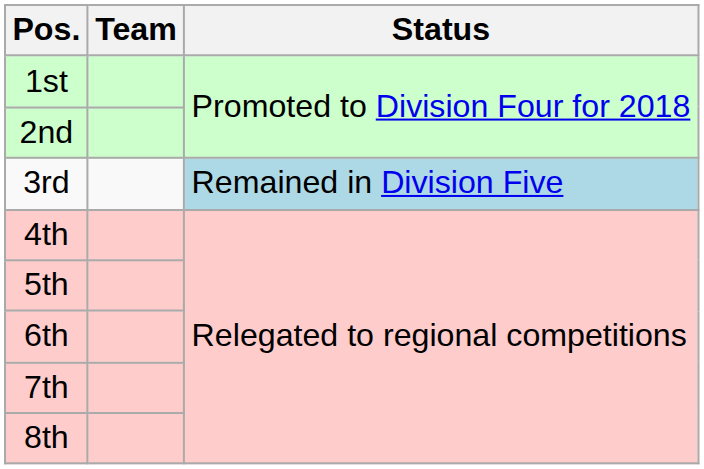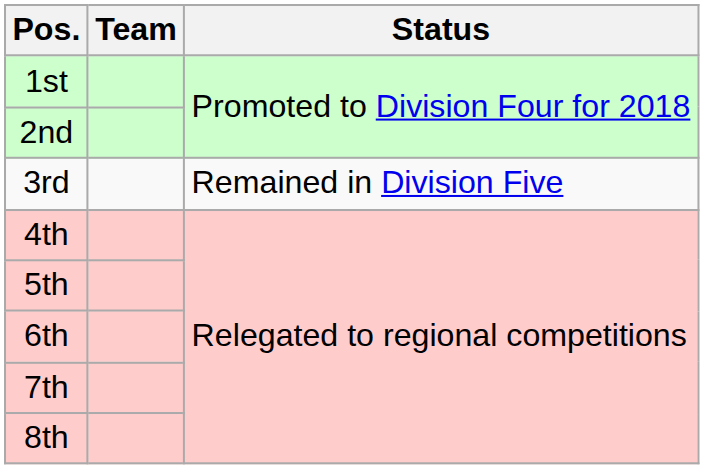 <table class="wikitable">
 <tr>
 <th>Pos.</th>
 <th>Team</th>
 <th>Status</th>
 </tr>
 <tr style="background:#cfc">
 <td align="center">1st</td>
 <td></td>
 <td rowspan=2>Promoted to <a href='#'>Division Four for 2018</a></td>
 </tr>
 <tr style="background:#cfc">
 <td align="center">2nd</td>
 <td></td>
 </tr>
 <tr>
 <td align="center">3rd</td>
 <td></td>
-<td style="background: lightblue;">Remained in <a href='#'>Division Five</a></td>
+<td>Remained in <a href='#'>Division Five</a></td>
 </tr>
 <tr style="background:#fcc">
 <td align="center">4th</td>
 <td></td>
 <td rowspan=5>Relegated to regional competitions</td>
 </tr>
 <tr style="background:#fcc">
 <td align="center">5th</td>
 <td></td>
 </tr>
 <tr style="background:#fcc">
 <td align="center">6th</td>
 <td></td>
 </tr>
 <tr style="background:#fcc">
 <td align="center">7th</td>
 <td></td>
 </tr>
 <tr style="background:#fcc">
 <td align="center">8th</td>
 <td></td>
 </tr>
 </table>
